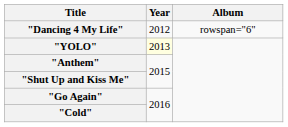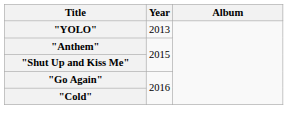 <table class="wikitable plainrowheaders" style="text-align:center;">
 <tr>
 <th scope="col" style="width:13em;">Title</th>
 <th scope="col" style="width:2em;">Year</th>
 <th scope="col" style="width:10em;">Album</th>
 </tr>
 <tr>
-<th scope="row">"Dancing 4 My Life"</th>
-<td>2012</td>
-<td>rowspan="6" </td>
-</tr>
-<tr>
 <th scope="row">"YOLO"</th>
-<td style="background: lightyellow;">2013</td>
+<td>2013</td>
 </tr>
 <tr>
 <th scope="row">"Anthem"</th>
 <td rowspan="2">2015</td>
 </tr>
 <tr>
 <th scope="row">"Shut Up and Kiss Me"</th>
 </tr>
 <tr>
 <th scope="row">"Go Again"</th>
 <td rowspan="2">2016</td>
 </tr>
 <tr>
 <th scope="row">"Cold"</th>
 </tr>
 </table>
